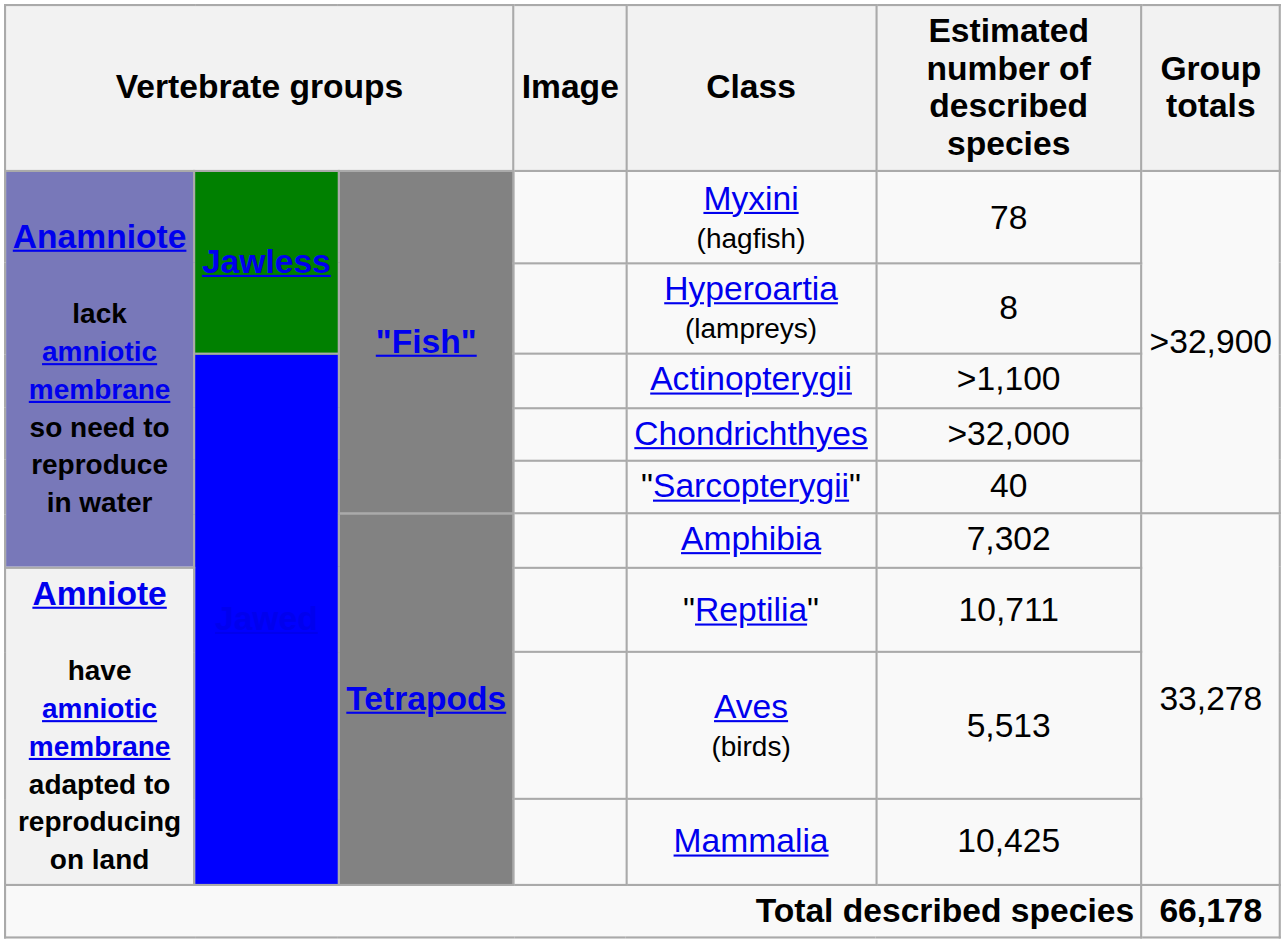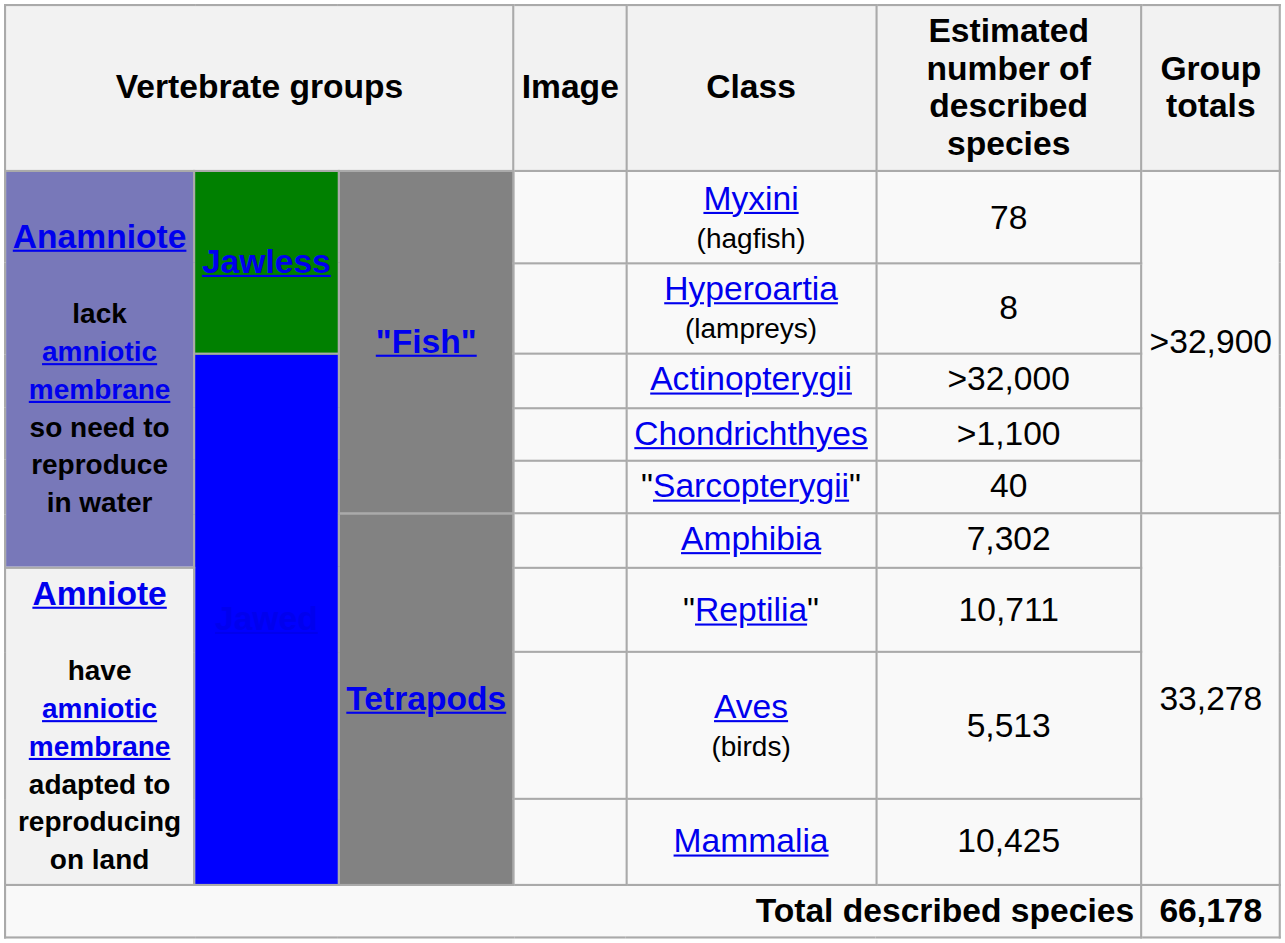 <table class="wikitable">
 <tr>
 <th colspan=3>Vertebrate groups</th>
 <th>Image</th>
 <th>Class</th>
 <th>Estimated number of<br>described species</th>
 <th>Group<br>totals</th>
 </tr>
 <tr>
 <th rowspan=6 style="background:rgb(120,120,185)"><a href='#'><span>Anamniote</span></a><br><br><span><small>lack<br><a href='#'><span>amniotic<br>membrane</span></a><br>so need to<br>reproduce<br>in water</small></span></th>
 <th rowspan=2 style="background:green"><a href='#'><span>Jawless</span></a></th>
 <th rowspan=5 style="background:rgb(130,130,130)"><a href='#'><span>"Fish"</span></a></th>
 <td></td>
 <td align=center><a href='#'>Myxini</a><br><small>(hagfish)</small></td>
 <td align=center>78</td>
 <td align=center rowspan=5>>32,900</td>
 </tr>
 <tr>
 <td align=center></td>
 <td align=center><a href='#'>Hyperoartia</a><br><small>(lampreys)</small></td>
 <td align=center>8</td>
 </tr>
 <tr>
 <th rowspan=7 style="background:blue"><a href='#'><span>Jawed</span></a></th>
 <td align=center></td>
 <td align=center><a href='#'>Actinopterygii</a></td>
-<td align=center>>1,100</td>
+<td align=center>>32,000</td>
 </tr>
 <tr>
 <td align=center></td>
 <td align=center><a href='#'>Chondrichthyes</a></td>
-<td align=center>>32,000</td>
+<td align=center>>1,100</td>
 </tr>
 <tr>
 <td align=center></td>
 <td align=center>"<a href='#'>Sarcopterygii</a>"</td>
 <td align=center>40</td>
 </tr>
 <tr>
 <th rowspan=4 style="background:rgb(130,130,130)"><a href='#'><span>Tetrapods</span></a></th>
 <td align=center></td>
 <td align=center><a href='#'>Amphibia</a></td>
 <td align=center>7,302</td>
 <td rowspan=4 align=center>33,278</td>
 </tr>
 <tr>
 <th rowspan="3"><a href='#'><span>Amniote</span></a><br><br><span><small>have<br><a href='#'><span>amniotic<br>membrane</span></a><br>adapted to<br>reproducing<br>on land</small></span></th>
 <td align=center></td>
 <td align=center>"<a href='#'>Reptilia</a>"</td>
 <td align=center>10,711</td>
 </tr>
 <tr>
 <td align=center></td>
 <td align=center><a href='#'>Aves</a><br><small>(birds)</small></td>
 <td align=center>5,513</td>
 </tr>
 <tr>
 <td></td>
 <td align=center><a href='#'>Mammalia</a></td>
 <td align=center>10,425</td>
 </tr>
 <tr>
 <td colspan=6 align=right><strong>Total described species</strong></td>
 <td align=center><strong>66,178</strong></td>
 </tr>
 </table>
